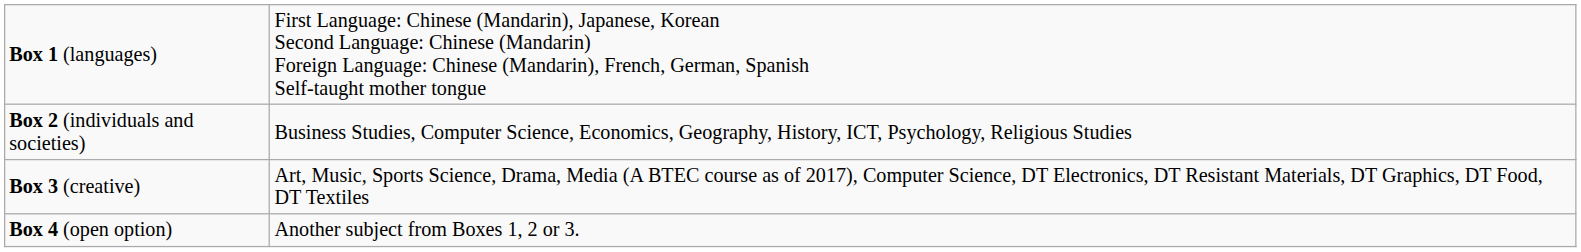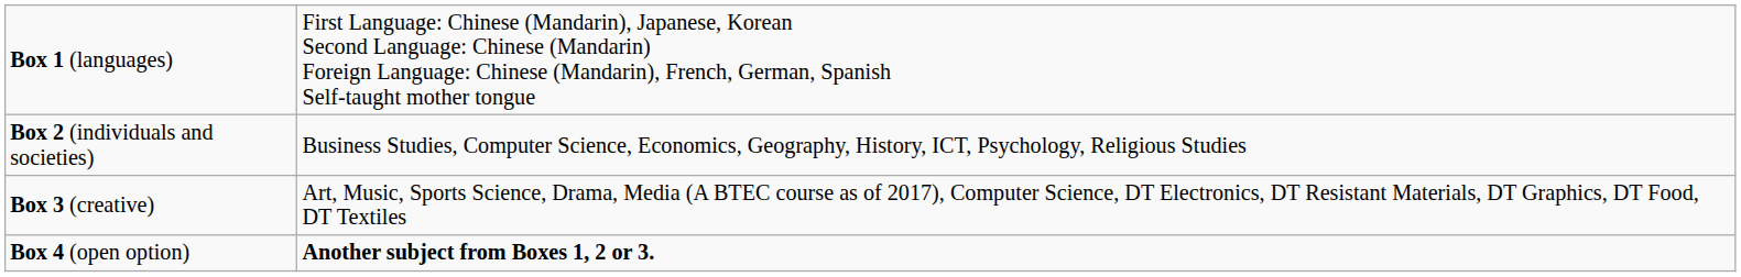 <table class="wikitable">
 <tr>
 <td><strong>Box 1</strong> (languages)</td>
 <td>First Language: Chinese (Mandarin), Japanese, Korean<br>Second Language: Chinese (Mandarin)<br>Foreign Language: Chinese (Mandarin), French, German, Spanish<br>Self-taught mother tongue</td>
 </tr>
 <tr>
 <td><strong>Box 2</strong> (individuals and societies)</td>
 <td>Business Studies, Computer Science, Economics, Geography, History, ICT, Psychology, Religious Studies</td>
 </tr>
 <tr>
 <td><strong>Box 3</strong> (creative)</td>
 <td>Art, Music, Sports Science, Drama, Media (A BTEC course as of 2017), Computer Science, DT Electronics, DT Resistant Materials, DT Graphics, DT Food, DT Textiles</td>
 </tr>
 <tr>
 <td><strong>Box 4</strong> (open option)</td>
-<td>Another subject from Boxes 1, 2 or 3.</td>
+<td><strong>Another subject from Boxes 1, 2 or 3.</strong></td>
 </tr>
 </table>
